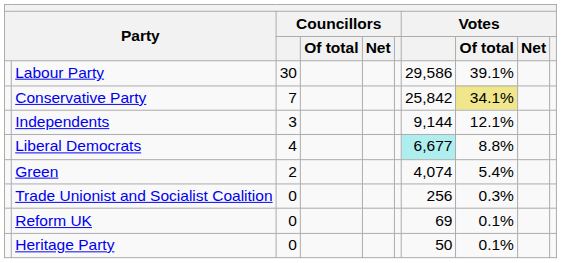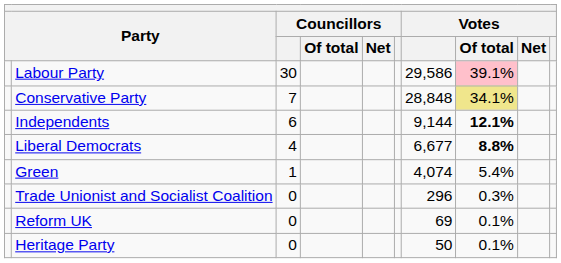 <table class="wikitable sortable" style="text-align:center;">
 <tr>
 <th colspan="10"></th>
 </tr>
 <tr>
 <th colspan="2" rowspan="2">Party</th>
 <th colspan="4">Councillors</th>
 <th colspan="4">Votes</th>
 </tr>
 <tr>
 <th></th>
 <th>Of total</th>
 <th>Net</th>
 <th class="unsortable"></th>
 <th></th>
 <th>Of total</th>
 <th>Net</th>
 <th class="unsortable"></th>
 </tr>
 <tr>
 <td style="background:"></td>
 <td style="text-align:left;"><a href='#'>Labour Party</a></td>
 <td style="text-align:right;">30</td>
 <td style="text-align:right;"></td>
 <td style="text-align:right;"></td>
 <td data-sort-value=""></td>
 <td style="text-align:right;">29,586</td>
-<td style="text-align:right;">39.1%</td>
+<td style="background: pink; text-align:right;">39.1%</td>
 <td style="text-align:right;"></td>
 <td></td>
 </tr>
 <tr>
 <td style="background:"></td>
 <td style="text-align:left;"><a href='#'>Conservative Party</a></td>
 <td style="text-align:right;">7</td>
 <td style="text-align:right;"></td>
 <td style="text-align:right;"></td>
 <td data-sort-value=""></td>
-<td style="text-align:right;">25,842</td>
+<td style="text-align:right;">28,848</td>
 <td style="background: khaki; text-align:right;">34.1%</td>
 <td style="text-align:right;"></td>
 <td></td>
 </tr>
 <tr>
 <td style="background:"></td>
 <td style="text-align:left;"><a href='#'>Independents</a></td>
-<td style="text-align:right;">3</td>
+<td style="text-align:right;">6</td>
 <td style="text-align:right;"></td>
 <td style="text-align:right;"></td>
 <td data-sort-value=""></td>
 <td style="text-align:right;">9,144</td>
-<td style="text-align:right;">12.1%</td>
+<td style="text-align:right;"><strong>12.1%</strong></td>
 <td style="text-align:right;"></td>
 <td></td>
 </tr>
 <tr>
 <td style="background:"></td>
 <td style="text-align:left;"><a href='#'>Liberal Democrats</a></td>
 <td style="text-align:right;">4</td>
 <td style="text-align:right;"></td>
 <td style="text-align:right;"></td>
 <td data-sort-value=""></td>
-<td style="background: paleturquoise; text-align:right;">6,677</td>
-<td style="text-align:right;">8.8%</td>
+<td style="text-align:right;">6,677</td>
+<td style="text-align:right;"><strong>8.8%</strong></td>
 <td style="text-align:right;"></td>
 <td></td>
 </tr>
 <tr>
 <td style="background:"></td>
 <td style="text-align:left;"><a href='#'>Green</a></td>
-<td style="text-align:right;">2</td>
+<td style="text-align:right;">1</td>
 <td style="text-align:right;"></td>
 <td style="text-align:right;"></td>
 <td data-sort-value=""></td>
 <td style="text-align:right;">4,074</td>
 <td style="text-align:right;">5.4%</td>
 <td style="text-align:right;"></td>
 <td></td>
 </tr>
 <tr>
 <td style="background:"></td>
 <td style="text-align:left;"><a href='#'>Trade Unionist and Socialist Coalition</a></td>
 <td style="text-align:right;">0</td>
 <td style="text-align:right;"></td>
 <td style="text-align:right;"></td>
 <td data-sort-value=""></td>
-<td style="text-align:right;">256</td>
+<td style="text-align:right;">296</td>
 <td style="text-align:right;">0.3%</td>
 <td style="text-align:right;"></td>
 <td></td>
 </tr>
 <tr>
 <td style="background:"></td>
 <td style="text-align:left;"><a href='#'>Reform UK</a></td>
 <td style="text-align:right;">0</td>
 <td style="text-align:right;"></td>
 <td style="text-align:right;"></td>
 <td data-sort-value=""></td>
 <td style="text-align:right;">69</td>
 <td style="text-align:right;">0.1%</td>
 <td style="text-align:right;"></td>
 <td></td>
 </tr>
 <tr>
 <td style="background:"></td>
 <td style="text-align:left;"><a href='#'>Heritage Party</a></td>
 <td style="text-align:right;">0</td>
 <td style="text-align:right;"></td>
 <td style="text-align:right;"></td>
 <td data-sort-value=""></td>
 <td style="text-align:right;">50</td>
 <td style="text-align:right;">0.1%</td>
 <td style="text-align:right;"></td>
 <td></td>
 </tr>
 </table>
